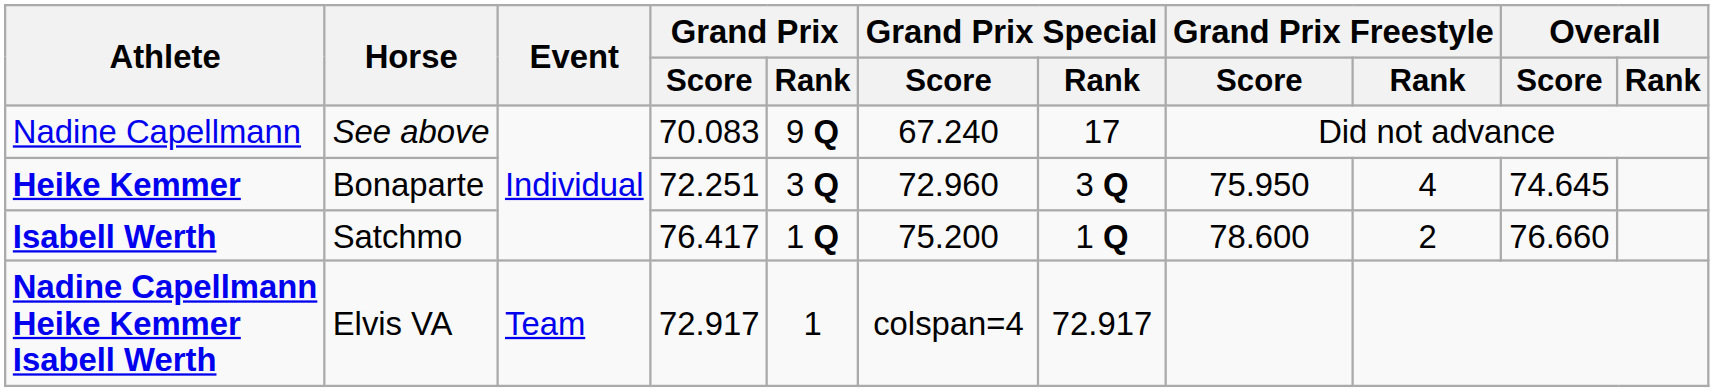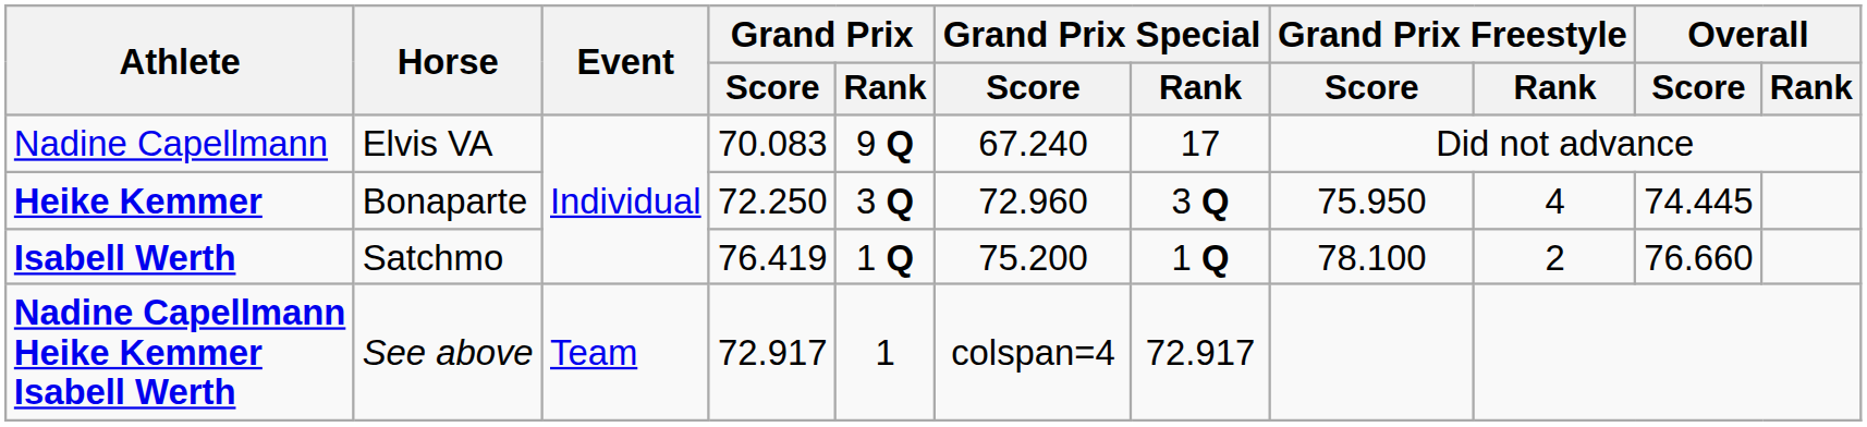 <table class=wikitable style="font-size:90%">
 <tr>
 <th rowspan="2">Athlete</th>
 <th rowspan="2">Horse</th>
 <th rowspan="2">Event</th>
 <th colspan="2">Grand Prix</th>
 <th colspan="2">Grand Prix Special</th>
 <th colspan="2">Grand Prix Freestyle</th>
 <th colspan="2">Overall</th>
 </tr>
 <tr style="font-size:95%">
 <th>Score</th>
 <th>Rank</th>
 <th>Score</th>
 <th>Rank</th>
 <th>Score</th>
 <th>Rank</th>
 <th>Score</th>
 <th>Rank</th>
 </tr>
 <tr align=center>
 <td align=left><a href='#'>Nadine Capellmann</a></td>
-<td align=left><em>See above</em></td>
+<td align=left>Elvis VA</td>
 <td align=left rowspan=3><a href='#'>Individual</a></td>
 <td>70.083</td>
 <td>9 <strong>Q</strong></td>
 <td>67.240</td>
 <td>17</td>
 <td colspan=4>Did not advance</td>
 </tr>
 <tr align=center>
 <td align=left><strong><a href='#'>Heike Kemmer</a></strong></td>
 <td align=left>Bonaparte</td>
-<td>72.251</td>
+<td>72.250</td>
 <td>3 <strong>Q</strong></td>
 <td>72.960</td>
 <td>3 <strong>Q</strong></td>
 <td>75.950</td>
 <td>4</td>
-<td>74.645</td>
+<td>74.445</td>
 <td></td>
 </tr>
 <tr align=center>
 <td align=left><strong><a href='#'>Isabell Werth</a></strong></td>
 <td align=left>Satchmo</td>
-<td>76.417</td>
+<td>76.419</td>
 <td>1 <strong>Q</strong></td>
 <td>75.200</td>
 <td>1 <strong>Q</strong></td>
-<td>78.600</td>
+<td>78.100</td>
 <td>2</td>
 <td>76.660</td>
 <td></td>
 </tr>
 <tr align=center>
 <td align=left><strong><a href='#'>Nadine Capellmann</a><br><a href='#'>Heike Kemmer</a><br><a href='#'>Isabell Werth</a></strong></td>
-<td align=left>Elvis VA</td>
+<td align=left><em>See above</em></td>
 <td align=left><a href='#'>Team</a></td>
 <td>72.917</td>
 <td>1</td>
 <td>colspan=4 </td>
 <td>72.917</td>
 <td></td>
 </tr>
 </table>
